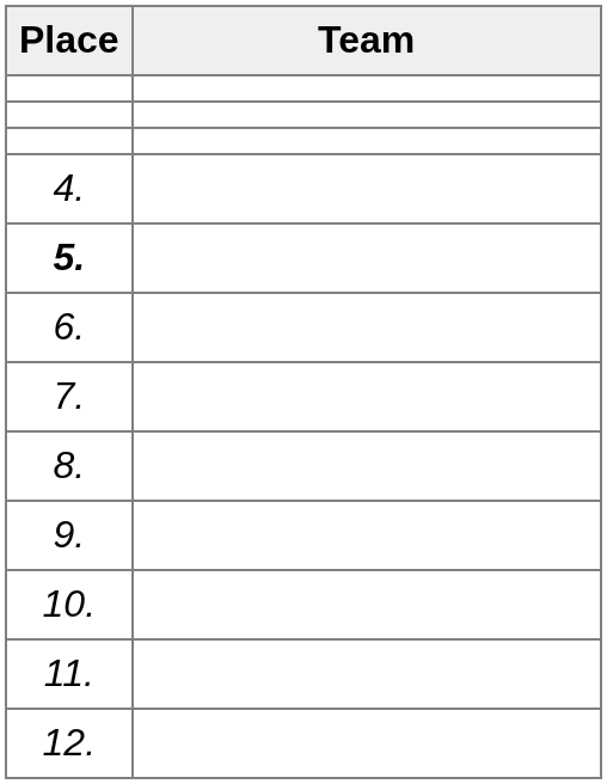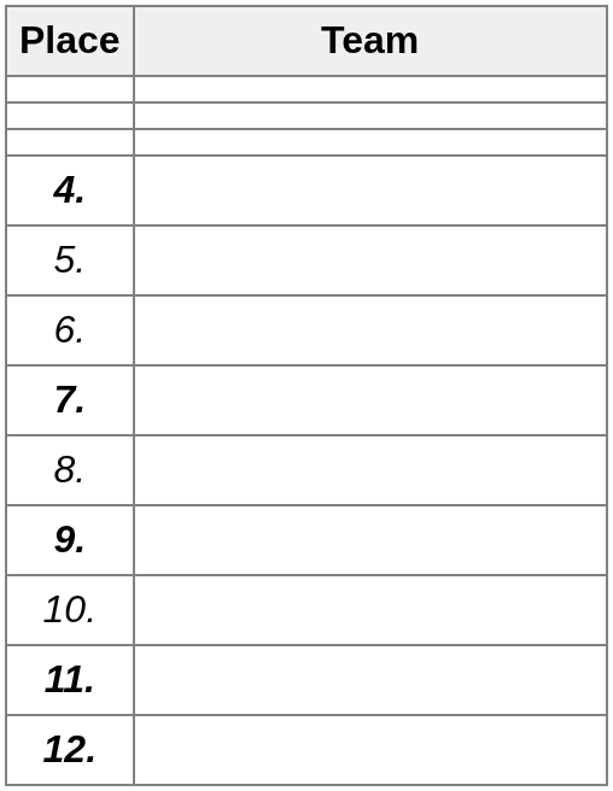 <table style=border-collapse:collapse border=1 cellspacing=0 cellpadding=5>
 <tr align=center bgcolor=#efefef>
 <th width=35>Place</th>
 <th width=185>Team</th>
 </tr>
 <tr align=center>
 <td></td>
 <td style="text-align:left;"></td>
 </tr>
 <tr align=center>
 <td></td>
 <td style="text-align:left;"></td>
 </tr>
 <tr align=center>
 <td></td>
 <td style="text-align:left;"></td>
 </tr>
 <tr align=center>
-<td><em>4.</em></td>
+<td><strong><em>4.</em></strong></td>
 <td style="text-align:left;"></td>
 </tr>
 <tr align=center>
-<td><strong><em>5.</em></strong></td>
+<td><em>5.</em></td>
 <td style="text-align:left;"></td>
 </tr>
 <tr align=center>
 <td><em>6.</em></td>
 <td style="text-align:left;"></td>
 </tr>
 <tr align=center>
-<td><em>7.</em></td>
+<td><strong><em>7.</em></strong></td>
 <td style="text-align:left;"></td>
 </tr>
 <tr align=center>
 <td><em>8.</em></td>
 <td style="text-align:left;"></td>
 </tr>
 <tr align=center>
-<td><em>9.</em></td>
+<td><strong><em>9.</em></strong></td>
 <td style="text-align:left;"></td>
 </tr>
 <tr align=center>
 <td><em>10.</em></td>
 <td style="text-align:left;"></td>
 </tr>
 <tr align=center>
-<td><em>11.</em></td>
+<td><strong><em>11.</em></strong></td>
 <td style="text-align:left;"></td>
 </tr>
 <tr align=center>
-<td><em>12.</em></td>
+<td><strong><em>12.</em></strong></td>
 <td style="text-align:left;"></td>
 </tr>
 </table>
